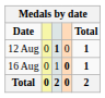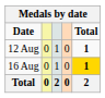 <table class="wikitable" style="font-size:85%; float:right">
 <tr bgcolor="#efefef">
 <th colspan=6>Medals by date</th>
 </tr>
 <tr align=center>
 <td><strong>Date</strong></td>
 <td bgcolor=#f7f6a8></td>
 <td bgcolor=#dce5e5></td>
 <td bgcolor=#ffdab9></td>
 <td><strong>Total</strong></td>
 </tr>
 <tr align=center>
 <td>12 Aug</td>
 <td style="background:#F7F6A8;">0</td>
-<td style="background:#DCE5E5;"><strong>1</strong></td>
+<td style="background:#DCE5E5;">1</td>
 <td style="background:#FFDAB9;">0</td>
 <td><strong>1</strong></td>
 </tr>
 <tr align=center>
 <td>16 Aug</td>
 <td style="background:#F7F6A8;">0</td>
 <td style="background:#DCE5E5;">1</td>
-<td style="background:#FFDAB9;"><strong>0</strong></td>
-<td><strong>1</strong></td>
+<td style="background:#FFDAB9;">0</td>
+<td style="background: gold;"><strong>1</strong></td>
 </tr>
 <tr align=center>
 <th>Total</th>
 <th style="background:#F7F6A8;">0</th>
 <th style="background:#DCE5E5;">2</th>
 <th style="background:#FFDAB9;">0</th>
 <th>2</th>
 </tr>
 </table>
